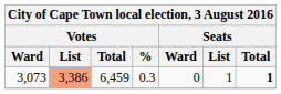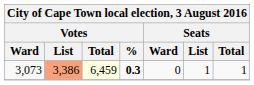 <table class=wikitable style="text-align:right">
 <tr>
 <th colspan="9" align="center">City of Cape Town local election, 3 August 2016</th>
 </tr>
 <tr>
 <th colspan="4" align="center">Votes</th>
 <th colspan="6" align="center">Seats</th>
 </tr>
 <tr>
 <th>Ward</th>
 <th>List</th>
 <th>Total</th>
 <th>%</th>
 <th>Ward</th>
 <th>List</th>
 <th>Total</th>
 </tr>
 <tr>
 <td>3,073</td>
 <td style="background: lightsalmon;">3,386</td>
-<td>6,459</td>
-<td>0.3</td>
+<td style="background: lightyellow;">6,459</td>
+<td><strong>0.3</strong></td>
 <td>0</td>
 <td>1</td>
-<td><strong>1</strong></td>
+<td>1</td>
 </tr>
 <tr>
 </tr>
 </table>
